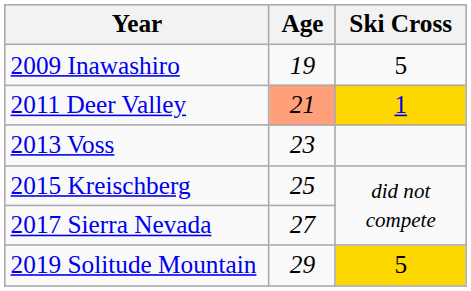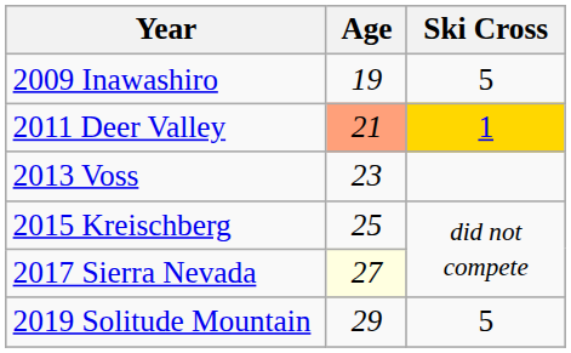 <table class=wikitable style="text-align:center">
 <tr>
 <th style="width:160px;"> Year </th>
 <th> Age </th>
 <th style="width:75px;">Ski Cross</th>
 </tr>
 <tr>
 <td align=left> <a href='#'>2009 Inawashiro</a></td>
 <td><em>19</em></td>
 <td>5</td>
 </tr>
 <tr>
 <td align=left> <a href='#'>2011 Deer Valley</a></td>
 <td style="background: lightsalmon;"><em>21</em></td>
 <td bgcolor="gold"><a href='#'>1</a></td>
 </tr>
 <tr>
 <td align=left> <a href='#'>2013 Voss</a></td>
 <td><em>23</em></td>
 <td>  <a href='#'></a></td>
 </tr>
 <tr>
 <td align=left> <a href='#'>2015 Kreischberg</a></td>
 <td><em>25</em></td>
 <td rowspan="2"><small><em>did not<br>compete</em></small></td>
 </tr>
 <tr>
 <td align=left> <a href='#'>2017 Sierra Nevada</a></td>
-<td><em>27</em></td>
+<td style="background: lightyellow;"><em>27</em></td>
 </tr>
 <tr>
 <td align=left> <a href='#'>2019 Solitude Mountain</a></td>
 <td><em>29</em></td>
-<td style="background: gold;">5</td>
+<td>5</td>
 </tr>
 </table>
